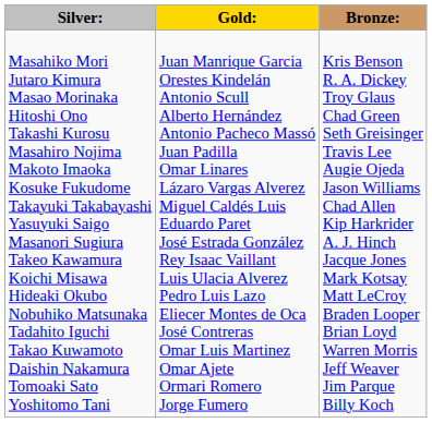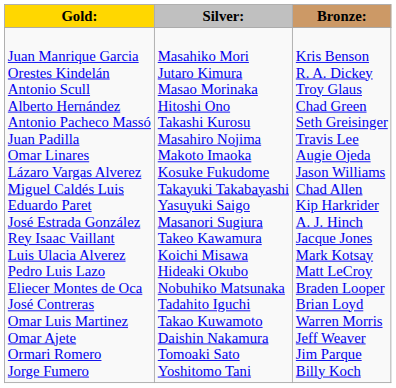 <table class="wikitable">
 <tr>
+<td style="text-align:center;background-color:gold;"><strong>Gold:</strong></td>
 <td style="text-align:center;background-color:silver;"><strong>Silver:</strong></td>
-<td style="text-align:center;background-color:gold;"><strong>Gold:</strong></td>
 <td style="text-align:center;background-color:#CC9966;"><strong>Bronze:</strong></td>
 </tr>
 <tr>
+<td><br><a href='#'>Juan Manrique Garcia</a><br><a href='#'>Orestes Kindelán</a><br><a href='#'>Antonio Scull</a><br><a href='#'>Alberto Hernández</a><br><a href='#'>Antonio Pacheco Massó</a><br><a href='#'>Juan Padilla</a><br><a href='#'>Omar Linares</a><br><a href='#'>Lázaro Vargas Alverez</a><br><a href='#'>Miguel Caldés Luis</a><br><a href='#'>Eduardo Paret</a><br><a href='#'>José Estrada González</a><br><a href='#'>Rey Isaac Vaillant</a><br><a href='#'>Luis Ulacia Alverez</a><br><a href='#'>Pedro Luis Lazo</a><br><a href='#'>Eliecer Montes de Oca</a><br><a href='#'>José Contreras</a><br><a href='#'>Omar Luis Martinez</a><br><a href='#'>Omar Ajete</a><br><a href='#'>Ormari Romero</a><br><a href='#'>Jorge Fumero</a></td>
 <td><br><a href='#'>Masahiko Mori</a><br><a href='#'>Jutaro Kimura</a><br><a href='#'>Masao Morinaka</a><br><a href='#'>Hitoshi Ono</a><br><a href='#'>Takashi Kurosu</a><br><a href='#'>Masahiro Nojima</a><br><a href='#'>Makoto Imaoka</a><br><a href='#'>Kosuke Fukudome</a><br><a href='#'>Takayuki Takabayashi</a><br><a href='#'>Yasuyuki Saigo</a><br><a href='#'>Masanori Sugiura</a><br><a href='#'>Takeo Kawamura</a><br><a href='#'>Koichi Misawa</a><br><a href='#'>Hideaki Okubo</a><br><a href='#'>Nobuhiko Matsunaka</a><br><a href='#'>Tadahito Iguchi</a><br><a href='#'>Takao Kuwamoto</a><br><a href='#'>Daishin Nakamura</a><br><a href='#'>Tomoaki Sato</a><br><a href='#'>Yoshitomo Tani</a></td>
-<td><br><a href='#'>Juan Manrique Garcia</a><br><a href='#'>Orestes Kindelán</a><br><a href='#'>Antonio Scull</a><br><a href='#'>Alberto Hernández</a><br><a href='#'>Antonio Pacheco Massó</a><br><a href='#'>Juan Padilla</a><br><a href='#'>Omar Linares</a><br><a href='#'>Lázaro Vargas Alverez</a><br><a href='#'>Miguel Caldés Luis</a><br><a href='#'>Eduardo Paret</a><br><a href='#'>José Estrada González</a><br><a href='#'>Rey Isaac Vaillant</a><br><a href='#'>Luis Ulacia Alverez</a><br><a href='#'>Pedro Luis Lazo</a><br><a href='#'>Eliecer Montes de Oca</a><br><a href='#'>José Contreras</a><br><a href='#'>Omar Luis Martinez</a><br><a href='#'>Omar Ajete</a><br><a href='#'>Ormari Romero</a><br><a href='#'>Jorge Fumero</a></td>
 <td><br><a href='#'>Kris Benson</a><br><a href='#'>R. A. Dickey</a><br><a href='#'>Troy Glaus</a><br><a href='#'>Chad Green</a><br><a href='#'>Seth Greisinger</a><br><a href='#'>Travis Lee</a><br><a href='#'>Augie Ojeda</a><br><a href='#'>Jason Williams</a><br><a href='#'>Chad Allen</a><br><a href='#'>Kip Harkrider</a><br><a href='#'>A. J. Hinch</a><br><a href='#'>Jacque Jones</a><br><a href='#'>Mark Kotsay</a><br><a href='#'>Matt LeCroy</a><br><a href='#'>Braden Looper</a><br><a href='#'>Brian Loyd</a><br><a href='#'>Warren Morris</a><br><a href='#'>Jeff Weaver</a><br><a href='#'>Jim Parque</a><br><a href='#'>Billy Koch</a></td>
 </tr>
 </table>
